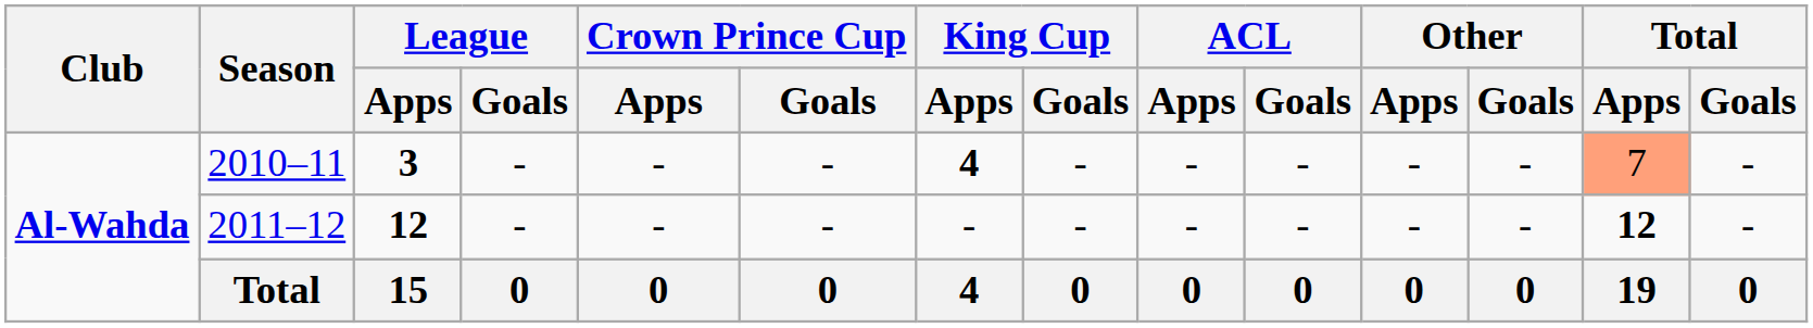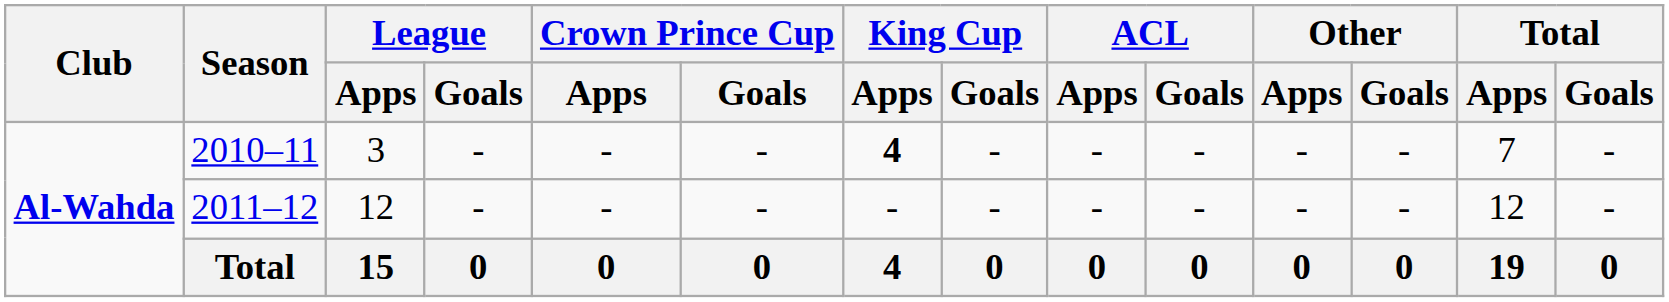 <table class="wikitable" style="text-align: center;">
 <tr>
 <th rowspan="2">Club</th>
 <th rowspan="2">Season</th>
 <th colspan="2"><a href='#'>League</a></th>
 <th colspan="2"><a href='#'>Crown Prince Cup</a></th>
 <th colspan="2"><a href='#'>King Cup</a></th>
 <th colspan="2"><a href='#'>ACL</a></th>
 <th colspan="2">Other</th>
 <th colspan="2">Total</th>
 </tr>
 <tr>
 <th>Apps</th>
 <th>Goals</th>
 <th>Apps</th>
 <th>Goals</th>
 <th>Apps</th>
 <th>Goals</th>
 <th>Apps</th>
 <th>Goals</th>
 <th>Apps</th>
 <th>Goals</th>
 <th>Apps</th>
 <th>Goals</th>
 </tr>
 <tr>
 <td rowspan="3" valign="center"><strong><a href='#'>Al-Wahda</a></strong></td>
 <td><a href='#'>2010–11</a></td>
-<td><strong>3</strong></td>
+<td>3</td>
 <td>-</td>
 <td>-</td>
 <td>-</td>
 <td><strong>4</strong></td>
 <td>-</td>
 <td>-</td>
 <td>-</td>
 <td>-</td>
 <td>-</td>
-<td style="background: lightsalmon;">7</td>
+<td>7</td>
 <td>-</td>
 </tr>
 <tr>
 <td><a href='#'>2011–12</a></td>
-<td><strong>12</strong></td>
+<td>12</td>
 <td>-</td>
 <td>-</td>
 <td>-</td>
 <td>-</td>
 <td>-</td>
 <td>-</td>
 <td>-</td>
 <td>-</td>
 <td>-</td>
-<td><strong>12</strong></td>
+<td>12</td>
 <td>-</td>
 </tr>
 <tr>
 <th>Total</th>
 <th>15</th>
 <th>0</th>
 <th>0</th>
 <th>0</th>
 <th>4</th>
 <th>0</th>
 <th>0</th>
 <th>0</th>
 <th>0</th>
 <th>0</th>
 <th>19</th>
 <th>0</th>
 </tr>
 </table>
